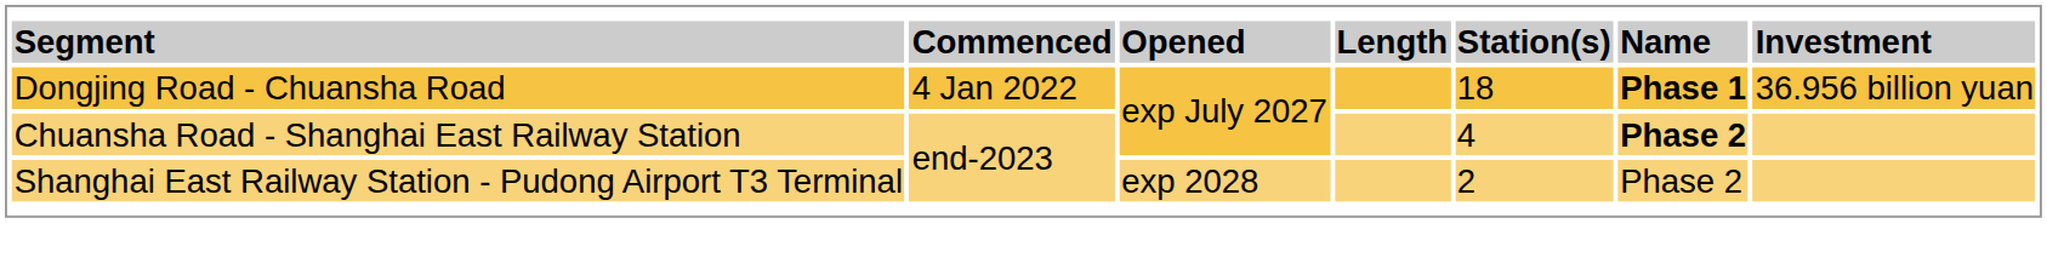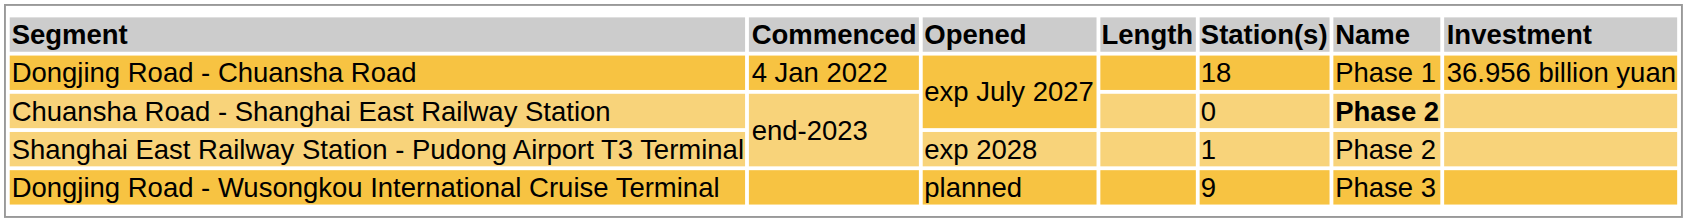 <table border=0 style="border:1px solid #999;background-color:white;text-align:left;font-size:90%" class="mw-collapsible">
 <tr>
 <th colspan="7" style="text-align: center"></th>
 </tr>
 <tr bgcolor=#cccccc>
 <th>Segment</th>
 <th>Commenced</th>
 <th>Opened</th>
 <th>Length</th>
 <th>Station(s)</th>
 <th>Name</th>
 <th>Investment</th>
 </tr>
 <tr bgcolor=#f7c342>
 <td style="text-align: left;">Dongjing Road - Chuansha Road</td>
 <td>4 Jan 2022</td>
 <td rowspan=2>exp July 2027</td>
 <td></td>
 <td>18</td>
-<td style="text-align: left;"><strong>Phase 1</strong></td>
+<td style="text-align: left;">Phase 1</td>
 <td>36.956 billion yuan</td>
 </tr>
 <tr bgcolor=#f8d37a>
 <td style="text-align: left;">Chuansha Road - Shanghai East Railway Station</td>
 <td rowspan=2>end-2023</td>
 <td></td>
-<td>4</td>
+<td>0</td>
 <td style="text-align: left;"><strong>Phase 2</strong></td>
 <td></td>
 </tr>
 <tr bgcolor=#f8d37a>
 <td style="text-align: left;">Shanghai East Railway Station - Pudong Airport T3 Terminal</td>
 <td>exp 2028</td>
 <td></td>
-<td>2</td>
+<td>1</td>
 <td style="text-align: left;">Phase 2</td>
+<td></td>
+</tr>
+<tr bgcolor=#f7c342>
+<td style="text-align: left;">Dongjing Road - Wusongkou International Cruise Terminal</td>
+<td></td>
+<td>planned</td>
+<td></td>
+<td>9</td>
+<td style="text-align: left;">Phase 3</td>
 <td></td>
 </tr>
 <tr style="background:#">
 <td colspan = "7"></td>
 </tr>
 </table>
